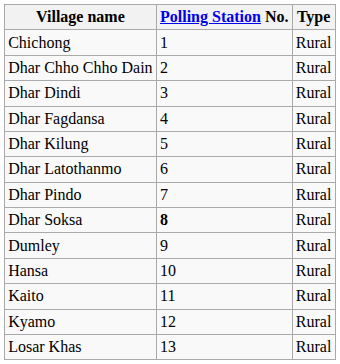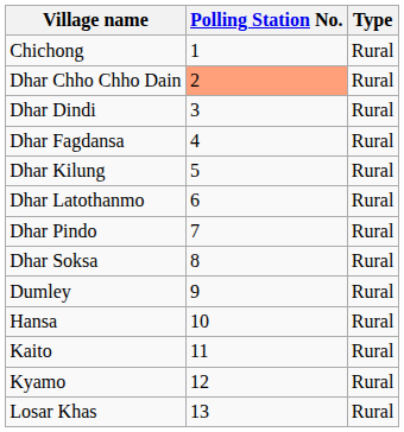 <table class="wikitable">
 <tr>
 <th>Village name</th>
 <th><a href='#'>Polling Station</a> No.</th>
 <th>Type</th>
 </tr>
 <tr>
 <td>Chichong</td>
 <td>1</td>
 <td>Rural</td>
 </tr>
 <tr>
 <td>Dhar Chho Chho Dain</td>
-<td>2</td>
+<td style="background: lightsalmon;">2</td>
 <td>Rural</td>
 </tr>
 <tr>
 <td>Dhar Dindi</td>
 <td>3</td>
 <td>Rural</td>
 </tr>
 <tr>
 <td>Dhar Fagdansa</td>
 <td>4</td>
 <td>Rural</td>
 </tr>
 <tr>
 <td>Dhar Kilung</td>
 <td>5</td>
 <td>Rural</td>
 </tr>
 <tr>
 <td>Dhar Latothanmo</td>
 <td>6</td>
 <td>Rural</td>
 </tr>
 <tr>
 <td>Dhar Pindo</td>
 <td>7</td>
 <td>Rural</td>
 </tr>
 <tr>
 <td>Dhar Soksa</td>
-<td><strong>8</strong></td>
+<td>8</td>
 <td>Rural</td>
 </tr>
 <tr>
 <td>Dumley</td>
 <td>9</td>
 <td>Rural</td>
 </tr>
 <tr>
 <td>Hansa</td>
 <td>10</td>
 <td>Rural</td>
 </tr>
 <tr>
 <td>Kaito</td>
 <td>11</td>
 <td>Rural</td>
 </tr>
 <tr>
 <td>Kyamo</td>
 <td>12</td>
 <td>Rural</td>
 </tr>
 <tr>
 <td>Losar Khas</td>
 <td>13</td>
 <td>Rural</td>
 </tr>
 <tr>
 </tr>
 </table>
